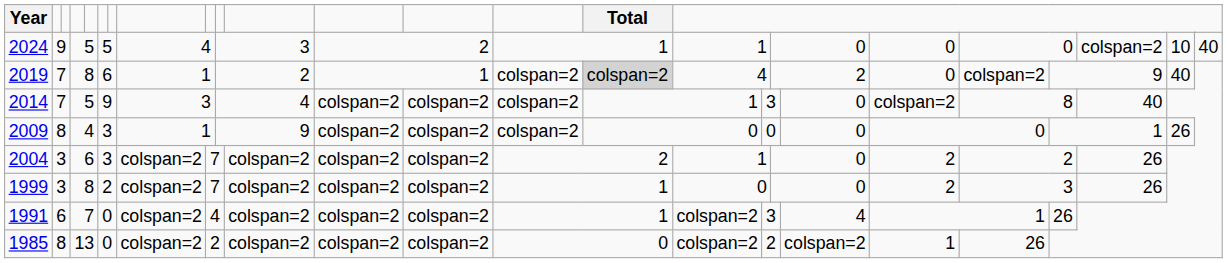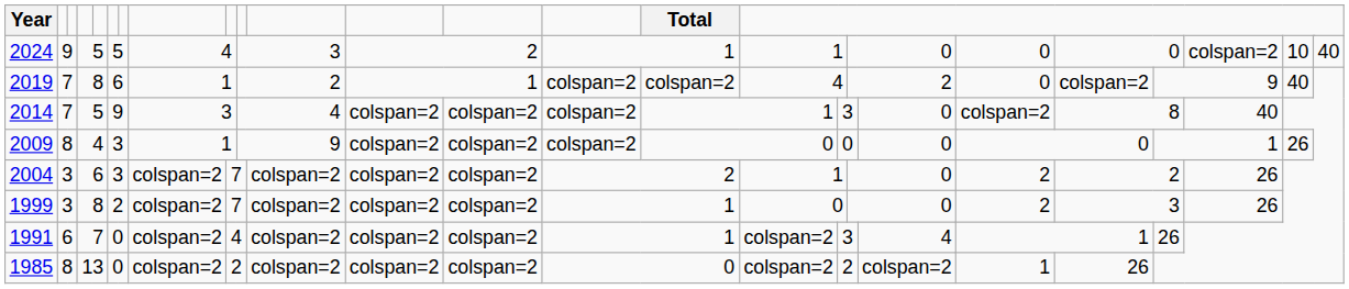 <table class="wikitable" style="text-align:right; padding-left:1em">
 <tr>
 <th align="left">Year</th>
 <td></td>
 <td></td>
 <td></td>
 <td></td>
 <td></td>
 <td></td>
 <td></td>
 <td></td>
 <td></td>
 <td></td>
 <td></td>
 <td></td>
 <td></td>
 <th align="left">Total</th>
 </tr>
 <tr>
 <td align=left><a href='#'>2024</a></td>
 <td colspan=2>9</td>
 <td colspan=2>5</td>
 <td colspan=2>5</td>
 <td colspan=2>4</td>
 <td colspan=2>3</td>
 <td colspan=2>2</td>
 <td colspan=2>1</td>
 <td colspan=2>1</td>
 <td colspan=2>0</td>
 <td colspan=2>0</td>
 <td colspan=2>0</td>
 <td>colspan=2 </td>
 <td colspan=2>10</td>
 <td>40</td>
 </tr>
 <tr>
 <td align=left><a href='#'>2019</a></td>
 <td colspan=2>7</td>
 <td colspan=2>8</td>
 <td colspan=2>6</td>
 <td colspan=2>1</td>
 <td colspan=2>2</td>
 <td colspan=2>1</td>
 <td>colspan=2 </td>
-<td style="background: lightgrey;">colspan=2 </td>
+<td>colspan=2 </td>
 <td colspan=2>4</td>
 <td colspan=2>2</td>
 <td colspan=2>0</td>
 <td>colspan=2 </td>
 <td colspan=2>9</td>
 <td>40</td>
 </tr>
 <tr>
 <td align=left><a href='#'>2014</a></td>
 <td colspan=2>7</td>
 <td colspan=2>5</td>
 <td colspan=2>9</td>
 <td colspan=2>3</td>
 <td colspan=2>4</td>
 <td>colspan=2 </td>
 <td>colspan=2 </td>
 <td>colspan=2 </td>
 <td colspan=2>1</td>
 <td colspan=2>3</td>
 <td colspan=2>0</td>
 <td>colspan=2 </td>
 <td colspan=2>8</td>
 <td>40</td>
 </tr>
 <tr>
 <td align=left><a href='#'>2009</a></td>
 <td colspan=2>8</td>
 <td colspan=2>4</td>
 <td colspan=2>3</td>
 <td colspan=2>1</td>
 <td colspan=2>9</td>
 <td>colspan=2 </td>
 <td>colspan=2 </td>
 <td>colspan=2 </td>
 <td colspan=2>0</td>
 <td colspan=2>0</td>
 <td colspan=2>0</td>
 <td colspan=2>0</td>
 <td colspan=2>1</td>
 <td>26</td>
 </tr>
 <tr>
 <td align=left><a href='#'>2004</a></td>
 <td colspan=2>3</td>
 <td colspan=2>6</td>
 <td colspan=2>3</td>
 <td>colspan=2 </td>
 <td colspan=2>7</td>
 <td>colspan=2 </td>
 <td>colspan=2 </td>
 <td>colspan=2 </td>
 <td colspan=2>2</td>
 <td colspan=2>1</td>
 <td colspan=2>0</td>
 <td colspan=2>2</td>
 <td colspan=2>2</td>
 <td>26</td>
 </tr>
 <tr>
 <td align=left><a href='#'>1999</a></td>
 <td colspan=2>3</td>
 <td colspan=2>8</td>
 <td colspan=2>2</td>
 <td>colspan=2 </td>
 <td colspan=2>7</td>
 <td>colspan=2 </td>
 <td>colspan=2 </td>
 <td>colspan=2 </td>
 <td colspan=2>1</td>
 <td colspan=2>0</td>
 <td colspan=2>0</td>
 <td colspan=2>2</td>
 <td colspan=2>3</td>
 <td>26</td>
 </tr>
 <tr>
 <td align=left><a href='#'>1991</a></td>
 <td colspan=2>6</td>
 <td colspan=2>7</td>
 <td colspan=2>0</td>
 <td>colspan=2 </td>
 <td colspan=2>4</td>
 <td>colspan=2 </td>
 <td>colspan=2 </td>
 <td>colspan=2 </td>
 <td colspan=2>1</td>
 <td>colspan=2 </td>
 <td colspan=2>3</td>
 <td colspan=2>4</td>
 <td colspan=2>1</td>
 <td>26</td>
 </tr>
 <tr>
 <td align=left><a href='#'>1985</a></td>
 <td colspan=2>8</td>
 <td colspan=2>13</td>
 <td colspan=2>0</td>
 <td>colspan=2 </td>
 <td colspan=2>2</td>
 <td>colspan=2 </td>
 <td>colspan=2 </td>
 <td>colspan=2 </td>
 <td colspan=2>0</td>
 <td>colspan=2 </td>
 <td colspan=2>2</td>
 <td>colspan=2 </td>
 <td colspan=2>1</td>
 <td>26</td>
 </tr>
 </table>
